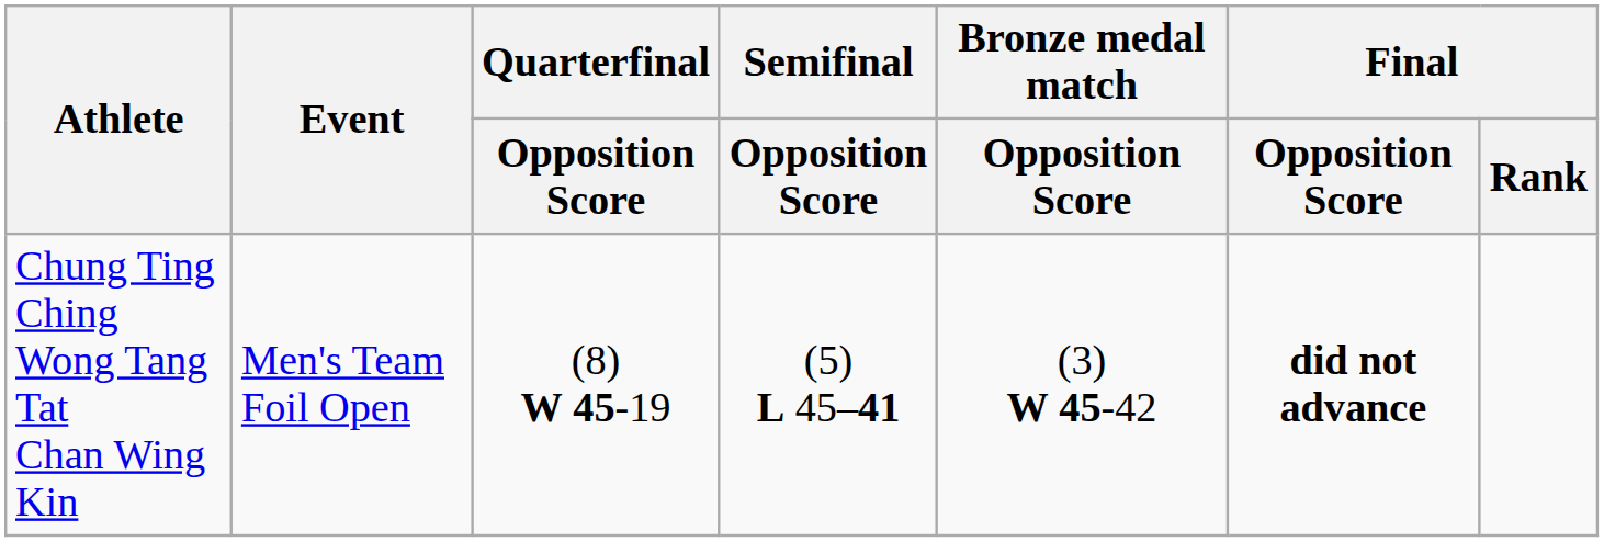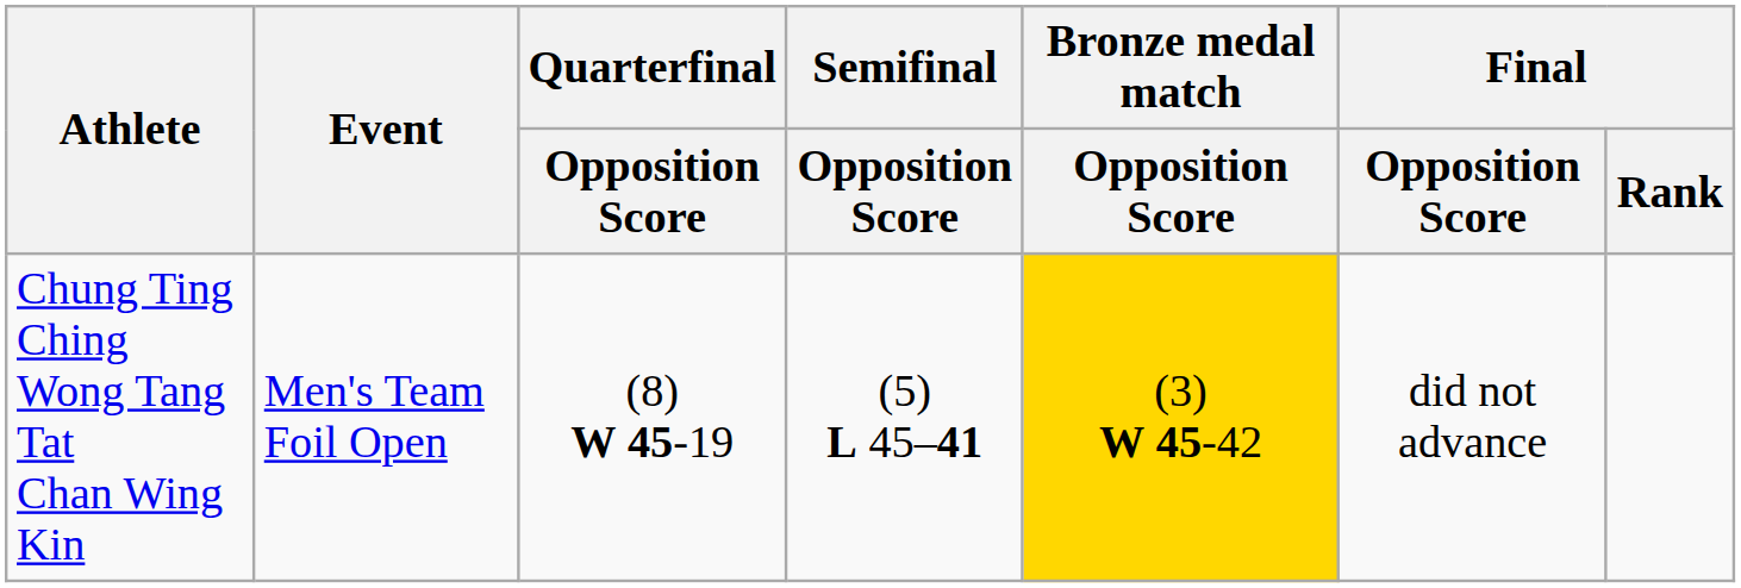 <table class=wikitable>
 <tr>
 <th rowspan="2">Athlete</th>
 <th rowspan="2">Event</th>
 <th>Quarterfinal</th>
 <th>Semifinal</th>
 <th>Bronze medal match</th>
 <th colspan="2">Final</th>
 </tr>
 <tr>
 <th>Opposition<br>Score</th>
 <th>Opposition<br>Score</th>
 <th>Opposition<br>Score</th>
 <th>Opposition<br>Score</th>
 <th>Rank</th>
 </tr>
 <tr>
 <td><a href='#'>Chung Ting Ching</a><br><a href='#'>Wong Tang Tat</a><br><a href='#'>Chan Wing Kin</a></td>
 <td><a href='#'>Men's Team Foil Open</a></td>
 <td align="center"> (8)<br><strong>W</strong> <strong>45</strong>-19</td>
 <td align="center"> (5)<br><strong>L</strong> 45–<strong>41</strong></td>
-<td align="center"> (3)<br><strong>W</strong> <strong>45</strong>-42</td>
-<td align="center"><strong>did not advance</strong></td>
+<td align="center" style="background: gold;"> (3)<br><strong>W</strong> <strong>45</strong>-42</td>
+<td align="center">did not advance</td>
 <td align="center"></td>
 </tr>
 </table>
